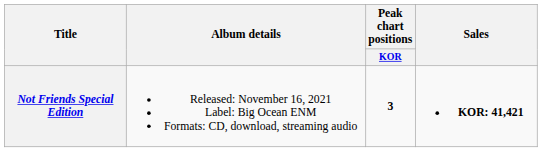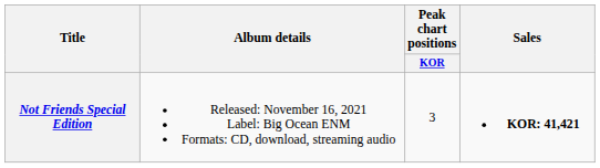 <table class="wikitable plainrowheaders" style="text-align:center;">
 <tr>
 <th scope="col" rowspan="2" style="width:10em;">Title</th>
 <th scope="col" rowspan="2" style="width:20em;">Album details</th>
 <th scope="col" colspan="1">Peak<br>chart<br>positions</th>
 <th scope="col" rowspan="2" style="width:10em;">Sales</th>
 </tr>
 <tr>
 <th scope="col" style="width:2.5em;font-size:85%;"><a href='#'>KOR</a><br></th>
 </tr>
 <tr>
 <th scope="row"><em><a href='#'>Not Friends Special Edition</a></em></th>
 <td><br><ul><li>Released: November 16, 2021</li><li>Label: Big Ocean ENM</li><li>Formats: CD, download, streaming audio</li></ul></td>
-<td><strong>3</strong></td>
+<td>3</td>
 <td><strong><br><ul><li>KOR: 41,421</li></ul></strong></td>
 </tr>
 </table>
